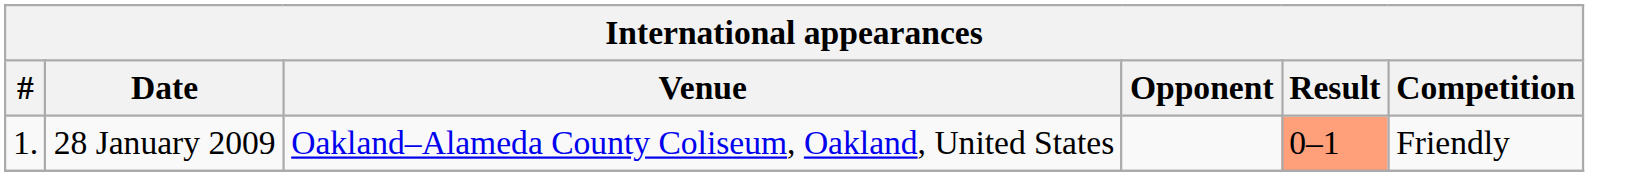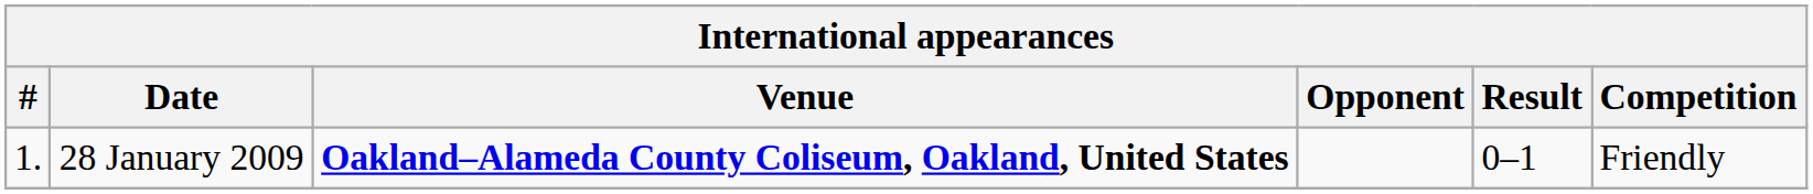 <table class="wikitable collapsible collapsed" style="font-size:95%">
 <tr>
 <th colspan="7"><strong>International appearances</strong></th>
 </tr>
 <tr>
 <th>#</th>
 <th>Date</th>
 <th>Venue</th>
 <th>Opponent</th>
 <th>Result</th>
 <th>Competition</th>
 </tr>
 <tr>
 <td>1.</td>
 <td>28 January 2009</td>
-<td><a href='#'>Oakland–Alameda County Coliseum</a>, <a href='#'>Oakland</a>, United States</td>
+<td><strong><a href='#'>Oakland–Alameda County Coliseum</a>, <a href='#'>Oakland</a>, United States</strong></td>
 <td></td>
-<td style="background: lightsalmon;">0–1</td>
+<td>0–1</td>
 <td>Friendly</td>
 </tr>
 <tr>
 </tr>
 </table>
